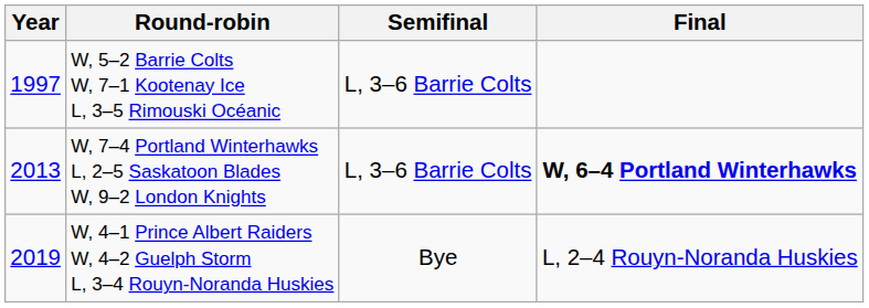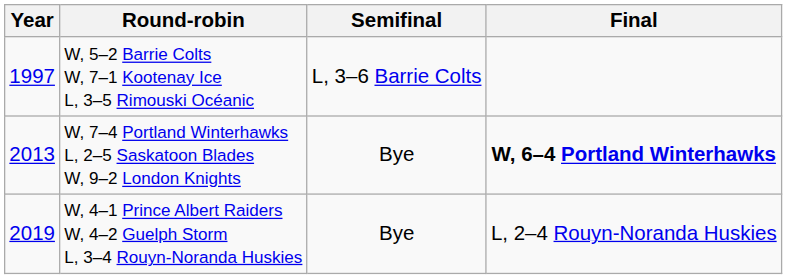 <table class="wikitable" style="text-align:center">
 <tr>
 <th>Year</th>
 <th>Round-robin</th>
 <th>Semifinal</th>
 <th>Final</th>
 </tr>
 <tr>
 <td><a href='#'>1997</a></td>
 <td align=left><small>W, 5–2 <a href='#'>Barrie Colts</a><br>W, 7–1 <a href='#'>Kootenay Ice</a><br>L, 3–5 <a href='#'>Rimouski Océanic</a></small></td>
 <td>L, 3–6 <a href='#'>Barrie Colts</a></td>
 <td></td>
 </tr>
 <tr>
 <td><a href='#'>2013</a></td>
 <td align=left><small>W, 7–4 <a href='#'>Portland Winterhawks</a><br>L, 2–5 <a href='#'>Saskatoon Blades</a><br>W, 9–2 <a href='#'>London Knights</a></small></td>
-<td>L, 3–6 <a href='#'>Barrie Colts</a></td>
+<td>Bye</td>
 <td><strong>W, 6–4 <a href='#'>Portland Winterhawks</a></strong></td>
 </tr>
 <tr>
 <td><a href='#'>2019</a></td>
 <td align=left><small>W, 4–1 <a href='#'>Prince Albert Raiders</a><br>W, 4–2 <a href='#'>Guelph Storm</a><br>L, 3–4 <a href='#'>Rouyn-Noranda Huskies</a></small></td>
 <td>Bye</td>
 <td>L, 2–4 <a href='#'>Rouyn-Noranda Huskies</a></td>
 </tr>
 </table>
